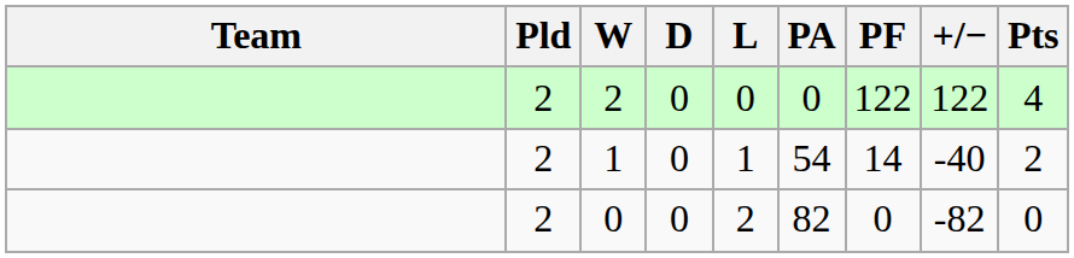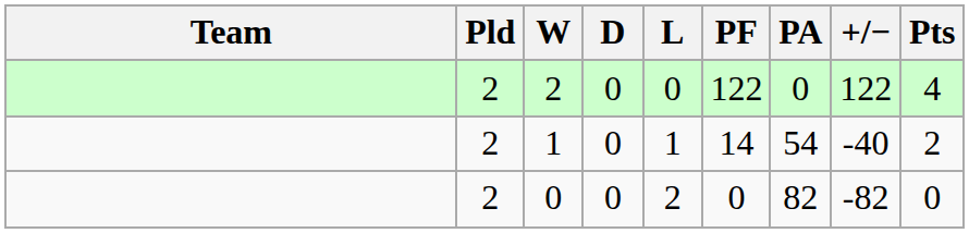 <table class="wikitable" style="text-align:center">
 <tr>
 <th width="200">Team</th>
 <th width="20">Pld</th>
 <th width="20">W</th>
 <th width="20">D</th>
 <th width="20">L</th>
+<th width="20">PF</th>
 <th width="20">PA</th>
-<th width="20">PF</th>
 <th width="25">+/−</th>
 <th width="20">Pts</th>
 </tr>
 <tr style="background:#ccffcc;">
 <td align=left></td>
 <td>2</td>
 <td>2</td>
 <td>0</td>
 <td>0</td>
+<td>122</td>
 <td>0</td>
-<td>122</td>
 <td>122</td>
 <td>4</td>
 </tr>
 <tr>
 <td align=left></td>
 <td>2</td>
 <td>1</td>
 <td>0</td>
 <td>1</td>
+<td>14</td>
 <td>54</td>
-<td>14</td>
 <td>-40</td>
 <td>2</td>
 </tr>
 <tr>
 <td align=left></td>
 <td>2</td>
 <td>0</td>
 <td>0</td>
 <td>2</td>
+<td>0</td>
 <td>82</td>
-<td>0</td>
 <td>-82</td>
 <td>0</td>
 </tr>
 </table>
